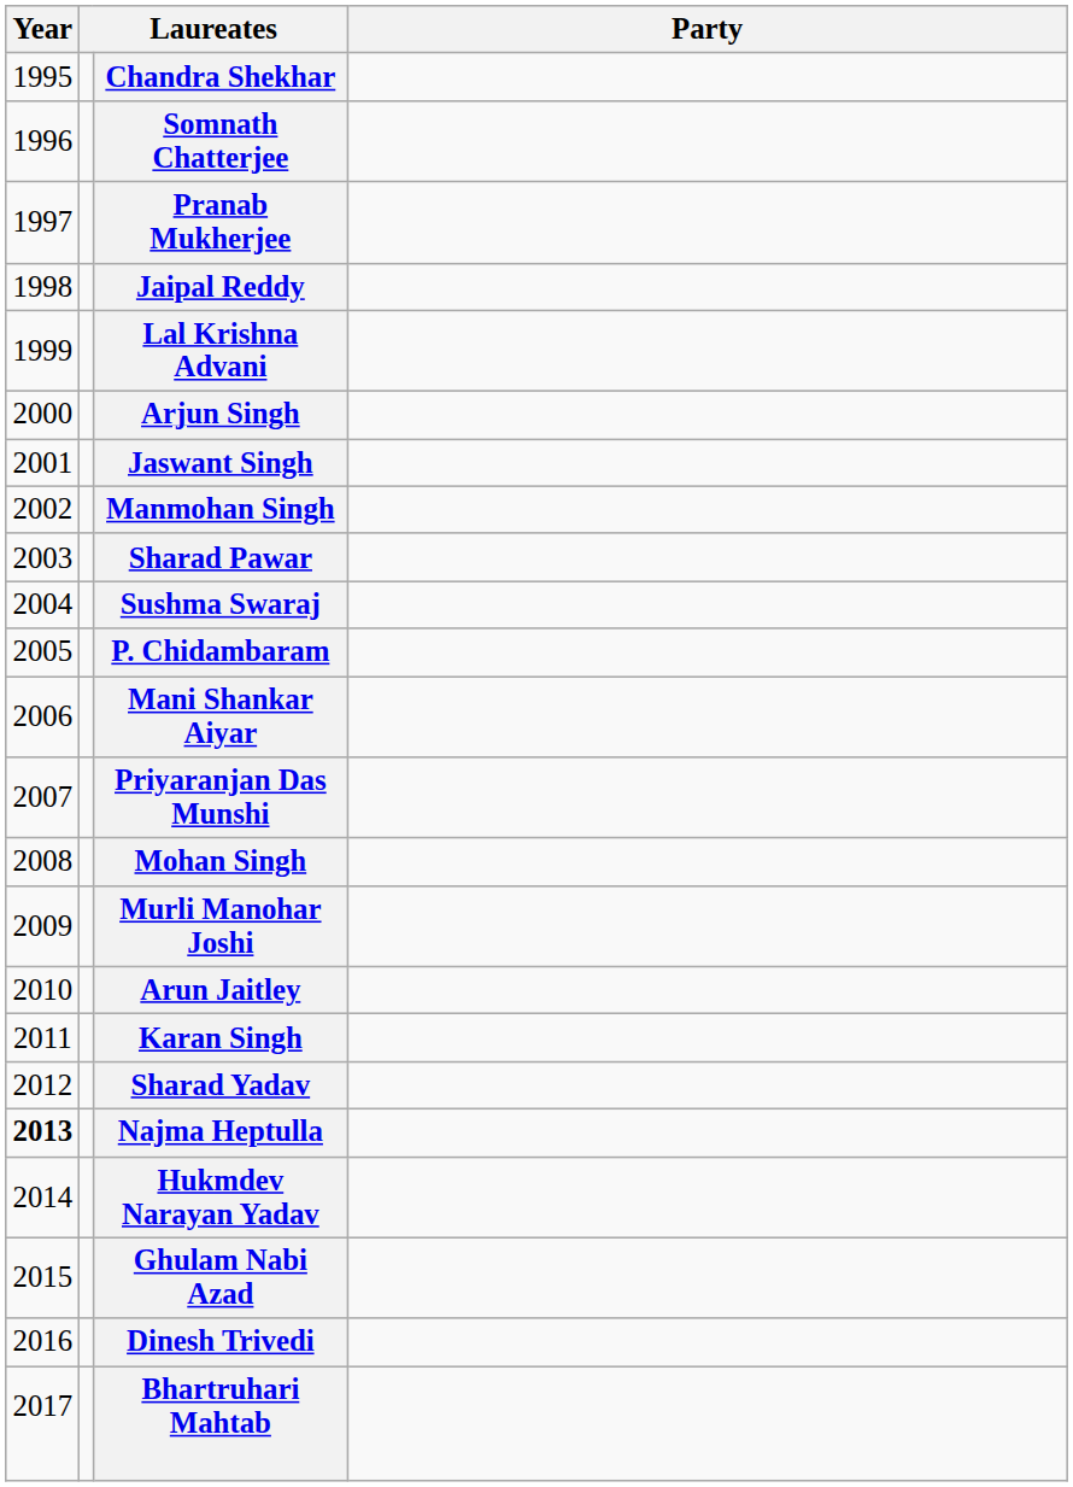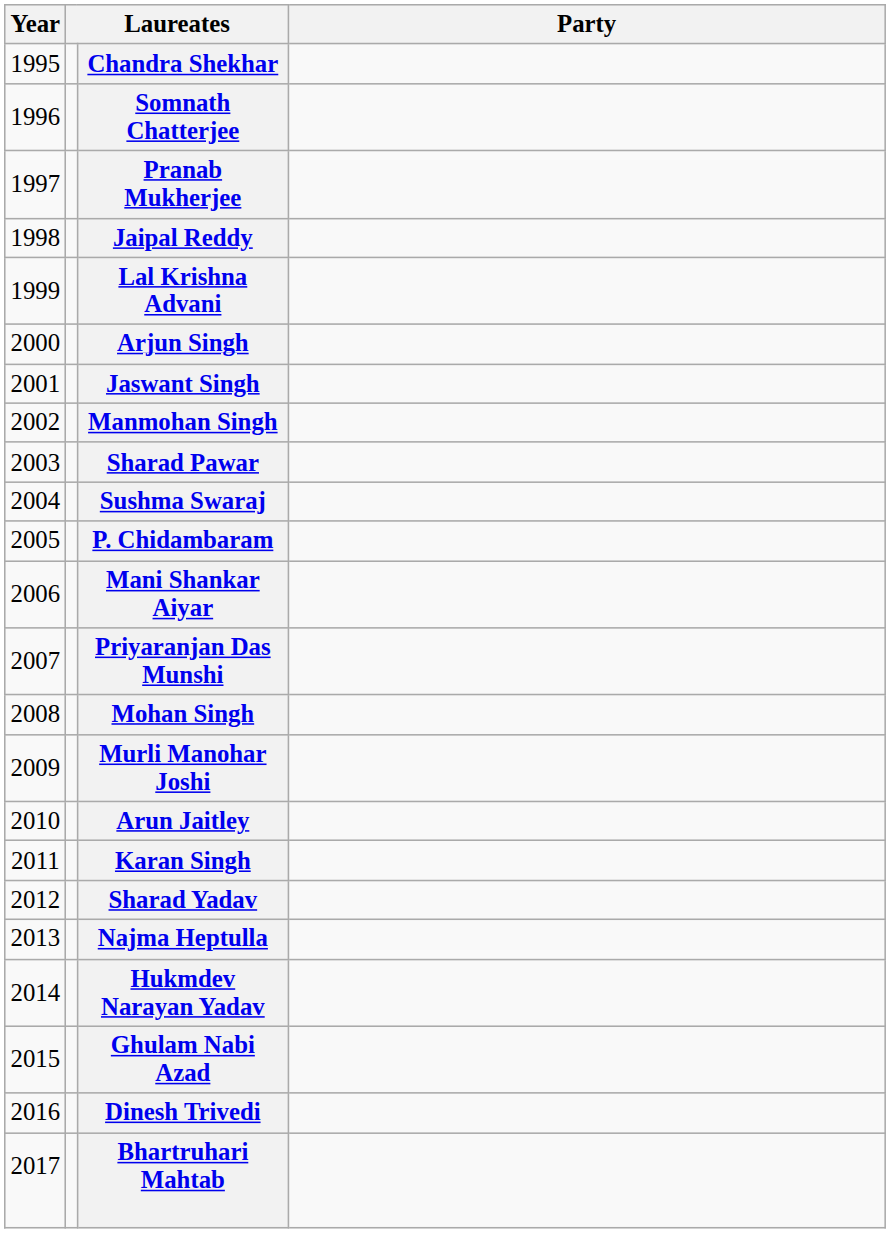 <table class="wikitable sortable plainrowheaders" style="width:45%">
 <tr>
 <th scope="col" style="width:5%">Year</th>
 <th scope="col" style="width:25%" colspan="2">Laureates</th>
 <th colspan="2">Party</th>
 </tr>
 <tr>
 <td align="center">1995</td>
 <td align="center" style="width:1%"></td>
 <th scope="row"><a href='#'>Chandra Shekhar</a></th>
 <td></td>
 </tr>
 <tr>
 <td align="center">1996</td>
 <td align="center" style="width:1%"></td>
 <th scope="row"><a href='#'>Somnath Chatterjee</a></th>
 <td></td>
 </tr>
 <tr>
 <td align="center">1997</td>
 <td align="center" style="width:1%"></td>
 <th scope="row"><a href='#'>Pranab Mukherjee</a></th>
 <td></td>
 </tr>
 <tr>
 <td align="center">1998</td>
 <td align="center" style="width:1%"></td>
 <th scope="row"><a href='#'>Jaipal Reddy</a></th>
 <td></td>
 </tr>
 <tr>
 <td align="center">1999</td>
 <td align="center" style="width:1%"></td>
 <th scope="row"><a href='#'>Lal Krishna Advani</a></th>
 <td></td>
 </tr>
 <tr>
 <td align="center">2000</td>
 <td align="center" style="width:1%"></td>
 <th scope="row"><a href='#'>Arjun Singh</a></th>
 <td></td>
 </tr>
 <tr>
 <td align="center">2001</td>
 <td align="center" style="width:1%"></td>
 <th scope="row"><a href='#'>Jaswant Singh</a></th>
 <td></td>
 </tr>
 <tr>
 <td align="center">2002</td>
 <td align="center" style="width:1%"></td>
 <th scope="row"><a href='#'>Manmohan Singh</a></th>
 <td></td>
 </tr>
 <tr>
 <td align="center">2003</td>
 <td align="center" style="width:1%"></td>
 <th scope="row"><a href='#'>Sharad Pawar</a></th>
 <td></td>
 </tr>
 <tr>
 <td align="center">2004</td>
 <td align="center" style="width:1%"></td>
 <th scope="row"><a href='#'>Sushma Swaraj</a></th>
 <td></td>
 </tr>
 <tr>
 <td align="center">2005</td>
 <td align="center" style="width:1%"></td>
 <th scope="row"><a href='#'>P. Chidambaram</a></th>
 <td></td>
 </tr>
 <tr>
 <td align="center">2006</td>
 <td align="center" style="width:1%"></td>
 <th scope="row"><a href='#'>Mani Shankar Aiyar</a></th>
 <td></td>
 </tr>
 <tr>
 <td align="center">2007</td>
 <td align="center" style="width:1%"></td>
 <th scope="row"><a href='#'>Priyaranjan Das Munshi</a></th>
 <td></td>
 </tr>
 <tr>
 <td align="center">2008</td>
 <td align="center" style="width:1%"></td>
 <th scope="row"><a href='#'>Mohan Singh</a></th>
 <td></td>
 </tr>
 <tr>
 <td align="center">2009</td>
 <td align="center" style="width:1%"></td>
 <th scope="row"><a href='#'>Murli Manohar Joshi</a></th>
 <td></td>
 </tr>
 <tr>
 <td align="center">2010</td>
 <td align="center" style="width:1%"></td>
 <th scope="row"><a href='#'>Arun Jaitley</a></th>
 <td></td>
 </tr>
 <tr>
 <td align="center">2011</td>
 <td align="center" style="width:1%"></td>
 <th scope="row"><a href='#'>Karan Singh</a></th>
 <td></td>
 </tr>
 <tr>
 <td align="center">2012</td>
 <td align="center" style="width:1%"></td>
 <th scope="row"><a href='#'>Sharad Yadav</a></th>
 <td></td>
 </tr>
 <tr>
-<td align="center"><strong>2013</strong></td>
+<td align="center">2013</td>
 <td align="center" style="width:1%"></td>
 <th scope="row"><a href='#'>Najma Heptulla</a></th>
 <td></td>
 </tr>
 <tr>
 <td align="center">2014</td>
 <td align="center" style="width:1%"></td>
 <th scope="row"><a href='#'>Hukmdev Narayan Yadav</a></th>
 <td></td>
 </tr>
 <tr>
 <td align="center">2015</td>
 <td align="center" style="width:1%"></td>
 <th scope="row"><a href='#'>Ghulam Nabi Azad</a></th>
 <td></td>
 </tr>
 <tr>
 <td align="center">2016</td>
 <td align="center" style="width:1%"></td>
 <th scope="row"><a href='#'>Dinesh Trivedi</a></th>
 <td></td>
 </tr>
 <tr>
 <td align="center">2017<br><br></td>
 <td align="center" style="width:1%"></td>
 <th scope="row"><a href='#'>Bhartruhari Mahtab</a><br><br></th>
 <td></td>
 </tr>
 </table>
